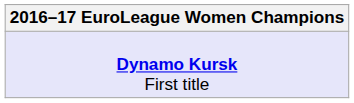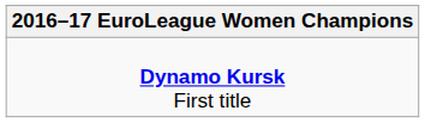 <table class=wikitable style="text-align:center; margin:auto">
 <tr>
 <th>2016–17 EuroLeague Women Champions</th>
 </tr>
 <tr>
-<td style="background: lavender;"> <br><strong><a href='#'>Dynamo Kursk</a></strong><br>First title</td>
+<td> <br><strong><a href='#'>Dynamo Kursk</a></strong><br>First title</td>
 </tr>
 </table>
